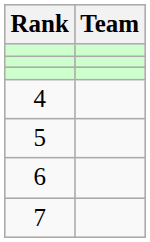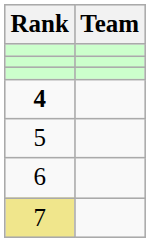 <table class="wikitable">
 <tr>
 <th>Rank</th>
 <th>Team</th>
 </tr>
 <tr bgcolor=ccffcc>
 <td align=center></td>
 <td></td>
 </tr>
 <tr bgcolor=ccffcc>
 <td align=center></td>
 <td></td>
 </tr>
 <tr bgcolor=ccffcc>
 <td align=center></td>
 <td></td>
 </tr>
 <tr>
-<td align=center>4</td>
+<td align=center><strong>4</strong></td>
 <td></td>
 </tr>
 <tr>
 <td align=center>5</td>
 <td></td>
 </tr>
 <tr>
 <td align=center>6</td>
 <td></td>
 </tr>
 <tr>
-<td align=center>7</td>
+<td align=center style="background: khaki;">7</td>
 <td></td>
 </tr>
 </table>
